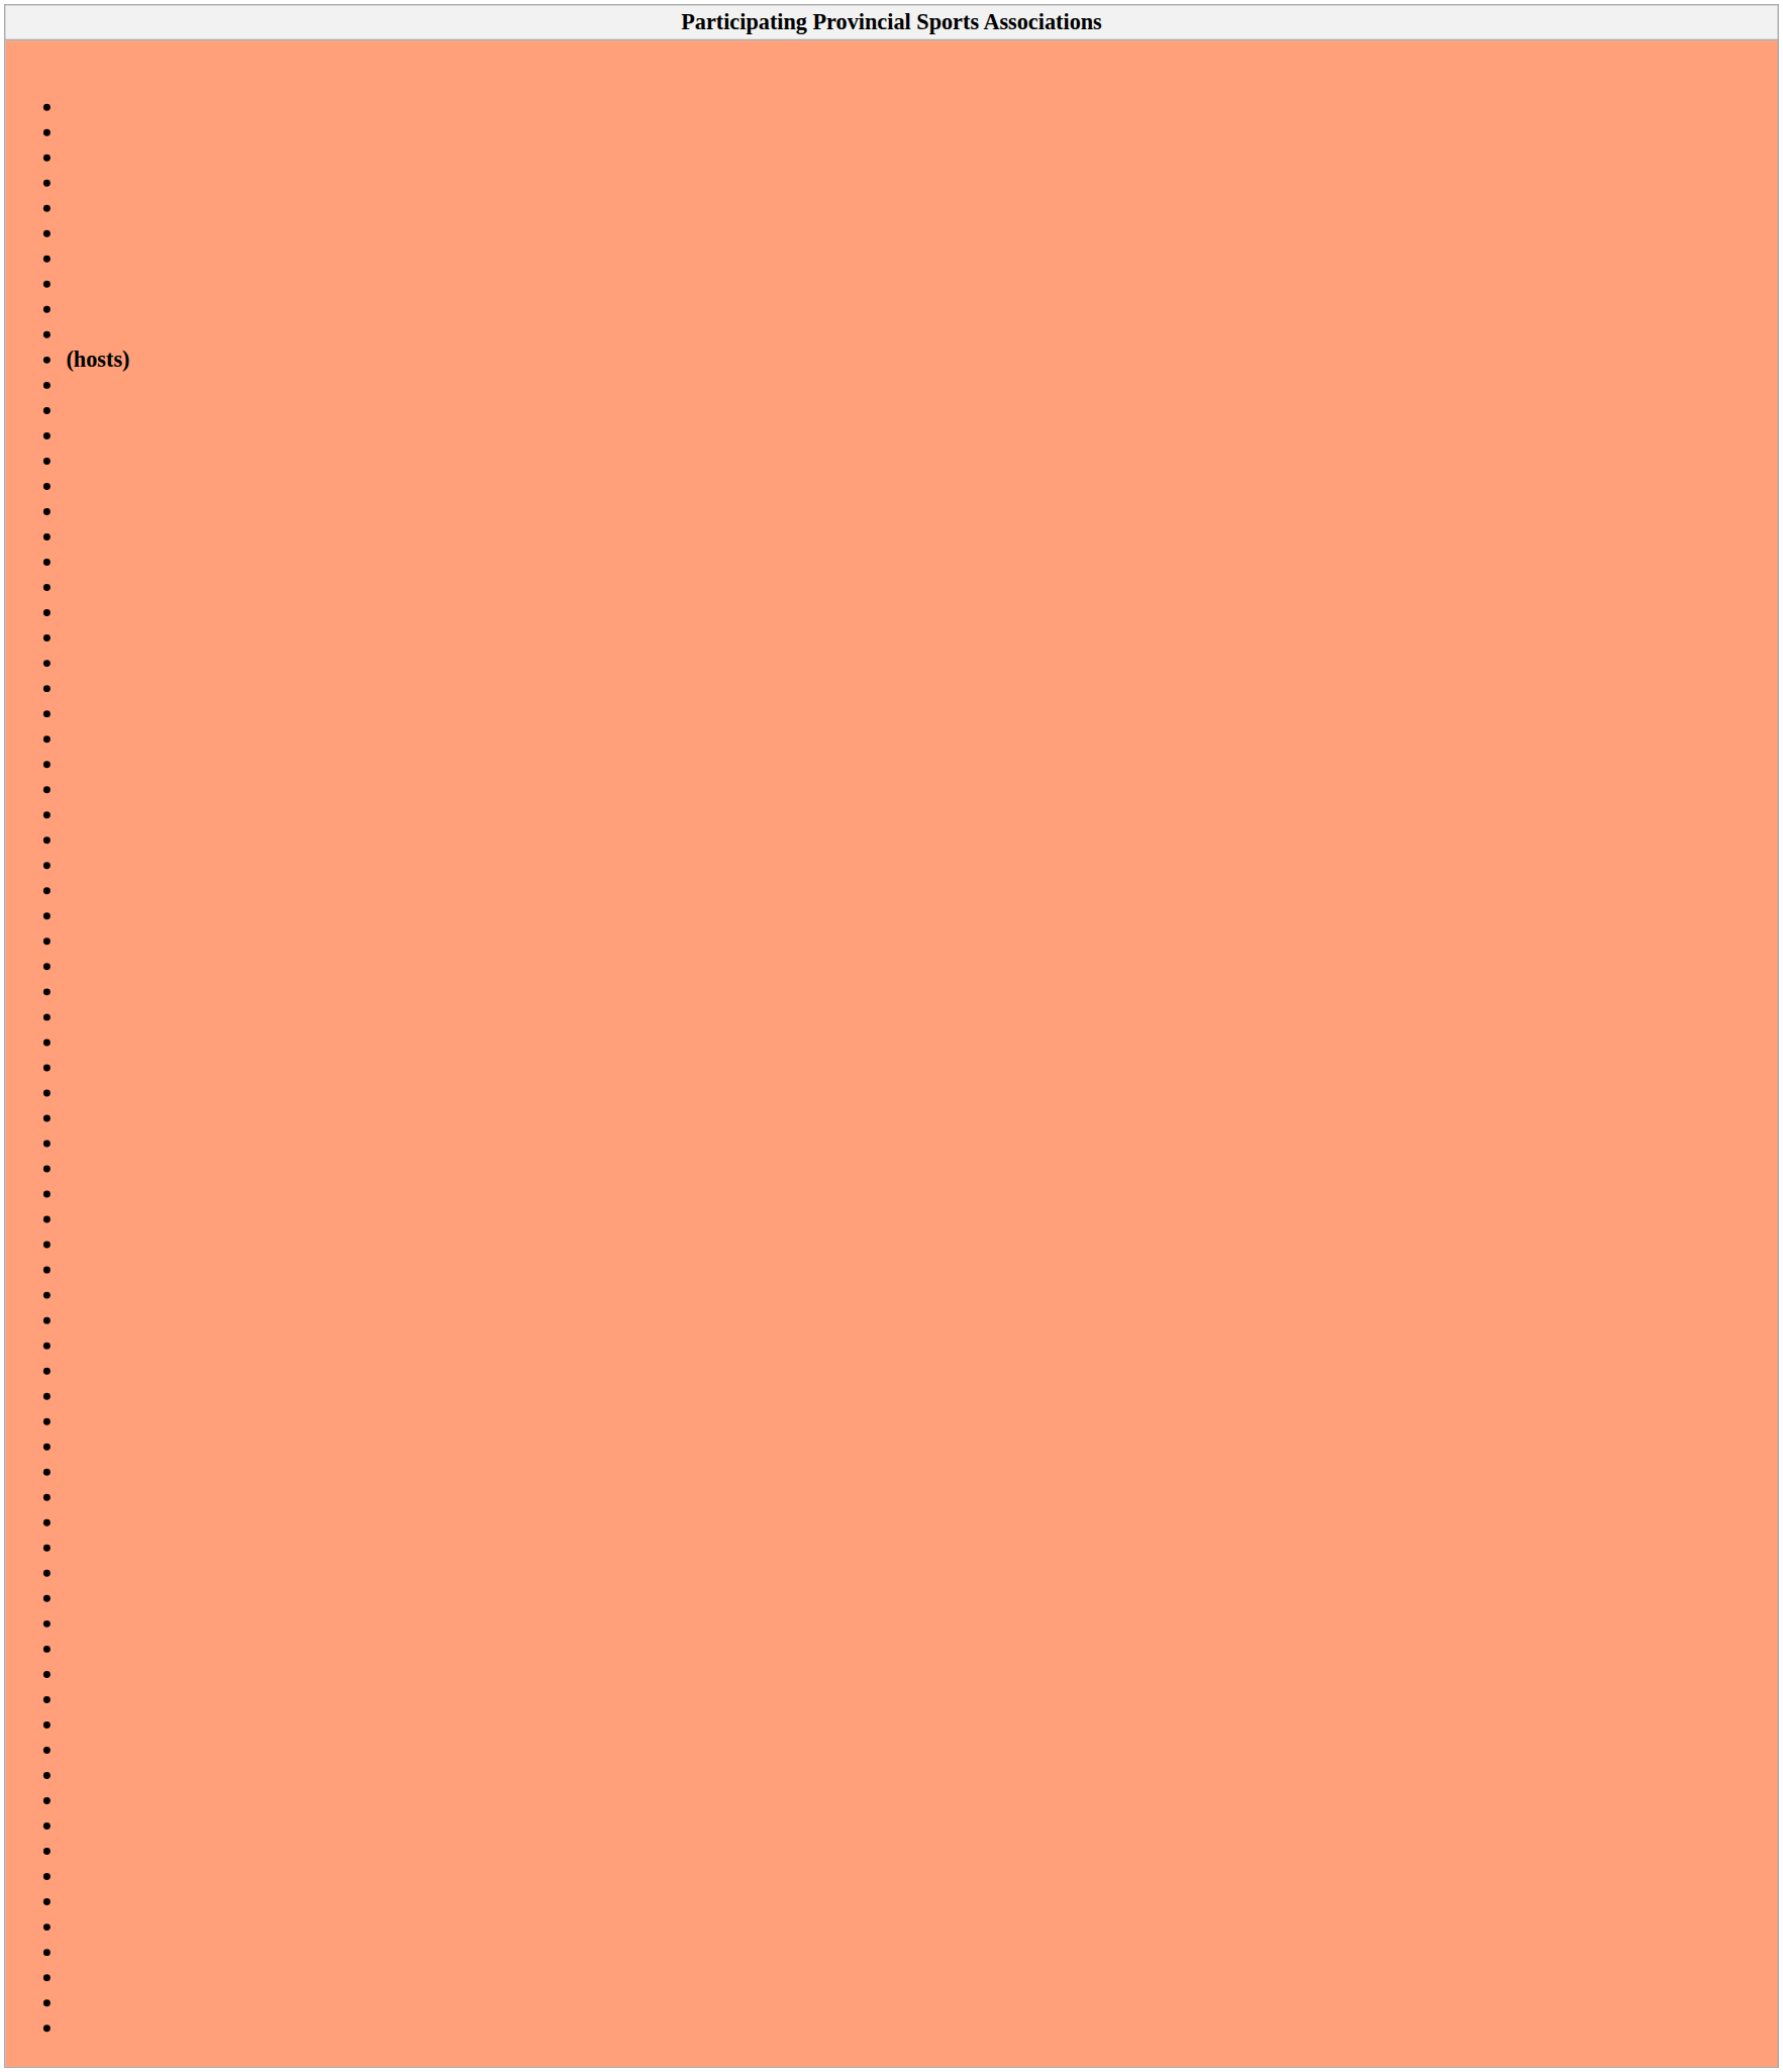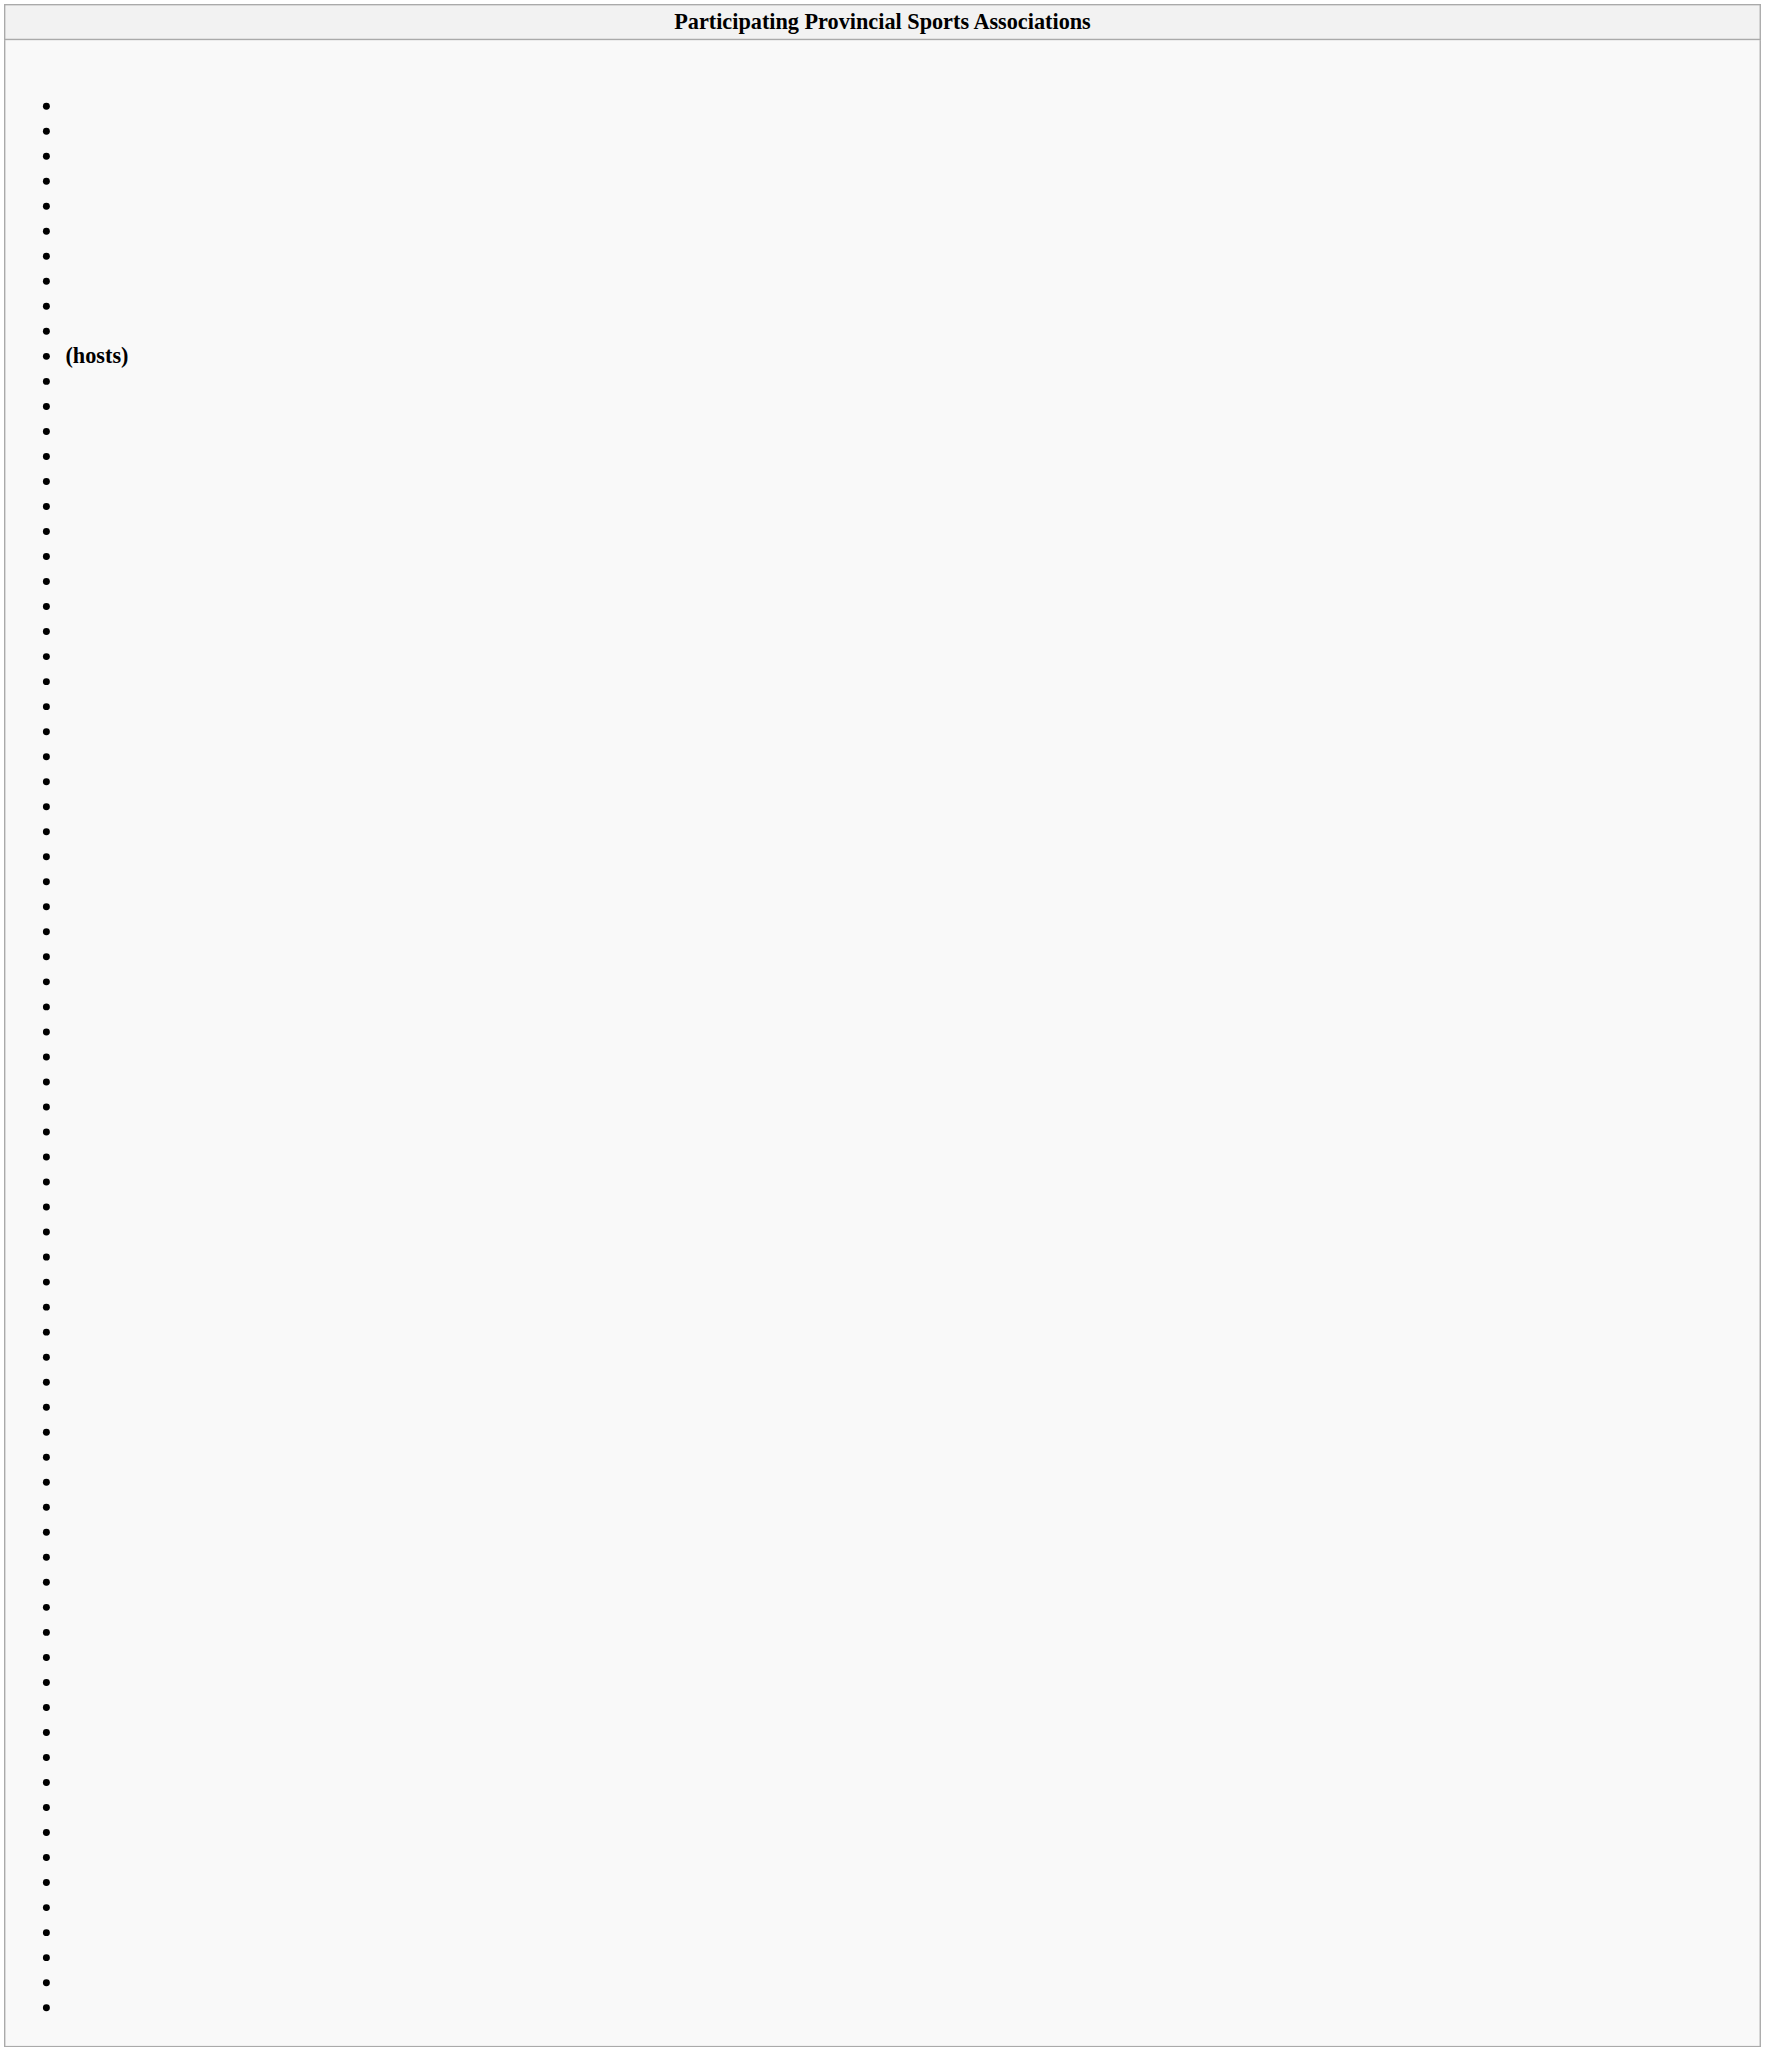 <table class="wikitable collapsible" style="width:100%;">
 <tr>
 <th>Participating Provincial Sports Associations</th>
 </tr>
 <tr>
-<td style="background: lightsalmon;"><br><ul><li></li><li></li><li></li><li></li><li></li><li></li><li></li><li></li><li></li><li></li><li> <strong>(hosts)</strong></li><li></li><li></li><li></li><li></li><li></li><li></li><li></li><li></li><li></li><li></li><li></li><li></li><li></li><li></li><li></li><li></li><li></li><li></li><li></li><li></li><li></li><li></li><li></li><li></li><li></li><li></li><li></li><li></li><li></li><li></li><li></li><li></li><li></li><li></li><li></li><li></li><li></li><li></li><li></li><li></li><li></li><li></li><li></li><li></li><li></li><li></li><li></li><li></li><li></li><li></li><li></li><li></li><li></li><li></li><li></li><li></li><li></li><li></li><li></li><li></li><li></li><li></li><li></li><li></li><li></li><li></li></ul></td>
+<td><br><ul><li></li><li></li><li></li><li></li><li></li><li></li><li></li><li></li><li></li><li></li><li> <strong>(hosts)</strong></li><li></li><li></li><li></li><li></li><li></li><li></li><li></li><li></li><li></li><li></li><li></li><li></li><li></li><li></li><li></li><li></li><li></li><li></li><li></li><li></li><li></li><li></li><li></li><li></li><li></li><li></li><li></li><li></li><li></li><li></li><li></li><li></li><li></li><li></li><li></li><li></li><li></li><li></li><li></li><li></li><li></li><li></li><li></li><li></li><li></li><li></li><li></li><li></li><li></li><li></li><li></li><li></li><li></li><li></li><li></li><li></li><li></li><li></li><li></li><li></li><li></li><li></li><li></li><li></li><li></li><li></li></ul></td>
 </tr>
 </table>
